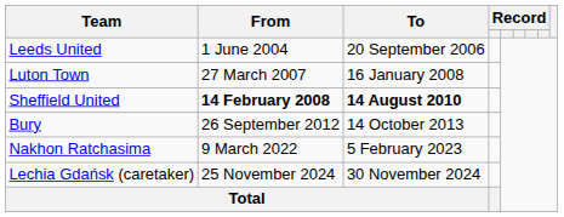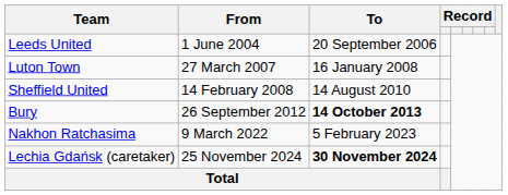 <table class=wikitable style=text-align:center>
 <tr>
 <th rowspan="2">Team</th>
 <th rowspan="2">From</th>
 <th rowspan="2">To</th>
 <th colspan="5">Record</th>
 <th rowspan="2"></th>
 </tr>
 <tr>
 <th></th>
 <th></th>
 <th></th>
 <th></th>
 <th></th>
 </tr>
 <tr>
 <td align=left><a href='#'>Leeds United</a></td>
 <td align=left>1 June 2004</td>
 <td align=left>20 September 2006<br></td>
 <td></td>
 </tr>
 <tr>
 <td align=left><a href='#'>Luton Town</a></td>
 <td align=left>27 March 2007</td>
 <td align=left>16 January 2008<br></td>
 <td></td>
 </tr>
 <tr>
 <td align=left><a href='#'>Sheffield United</a></td>
-<td align=left><strong>14 February 2008</strong></td>
-<td align=left><strong>14 August 2010<br></strong></td>
+<td align=left>14 February 2008</td>
+<td align=left>14 August 2010<br></td>
 <td></td>
 </tr>
 <tr>
 <td align=left><a href='#'>Bury</a></td>
 <td align=left>26 September 2012</td>
-<td align=left>14 October 2013<br></td>
+<td align=left><strong>14 October 2013<br></strong></td>
 <td></td>
 </tr>
 <tr>
 <td align=left><a href='#'>Nakhon Ratchasima</a></td>
 <td align=left>9 March 2022</td>
 <td align=left>5 February 2023<br></td>
 <td></td>
 </tr>
 <tr>
 <td align=left><a href='#'>Lechia Gdańsk</a> (caretaker)</td>
 <td align=left>25 November 2024</td>
-<td align=left>30 November 2024<br></td>
+<td align=left><strong>30 November 2024<br></strong></td>
 <td></td>
 </tr>
 <tr>
 <th colspan="3">Total<br></th>
 <th></th>
 </tr>
 </table>
